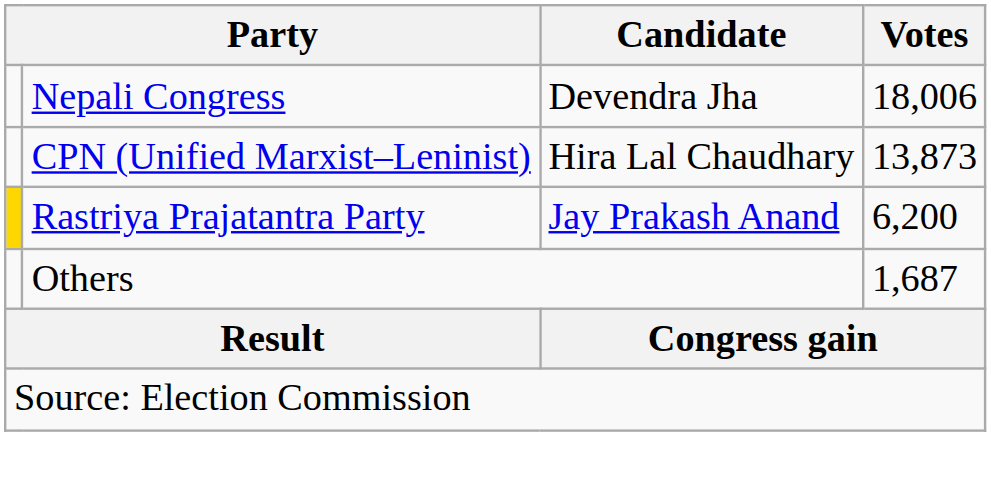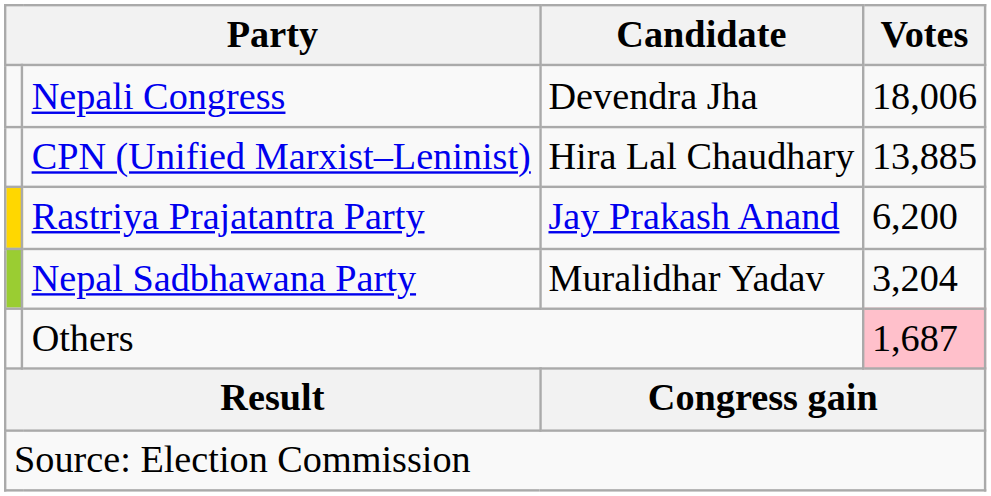 <table class="wikitable">
 <tr>
 <th colspan="2">Party</th>
 <th>Candidate</th>
 <th>Votes</th>
 </tr>
 <tr>
 <td style="background-color:"></td>
 <td><a href='#'>Nepali Congress</a></td>
 <td>Devendra Jha</td>
 <td>18,006</td>
 </tr>
 <tr>
 <td style="background-color:"></td>
 <td><a href='#'>CPN (Unified Marxist–Leninist)</a></td>
 <td>Hira Lal Chaudhary</td>
-<td>13,873</td>
+<td>13,885</td>
 </tr>
 <tr>
 <td style="background-color:gold"></td>
 <td><a href='#'>Rastriya Prajatantra Party</a></td>
 <td><a href='#'>Jay Prakash Anand</a></td>
 <td>6,200</td>
 </tr>
 <tr>
+<td style="background-color:yellowgreen"></td>
+<td><a href='#'>Nepal Sadbhawana Party</a></td>
+<td>Muralidhar Yadav</td>
+<td>3,204</td>
+</tr>
+<tr>
 <td></td>
 <td colspan="2">Others</td>
-<td>1,687</td>
+<td style="background: pink;">1,687</td>
 </tr>
 <tr>
 <th colspan="2">Result</th>
 <th colspan="2">Congress gain</th>
 </tr>
 <tr>
 <td colspan="4">Source: Election Commission</td>
 </tr>
 </table>
